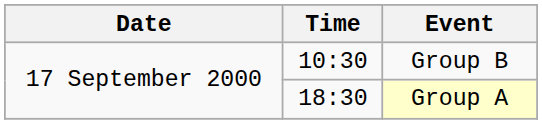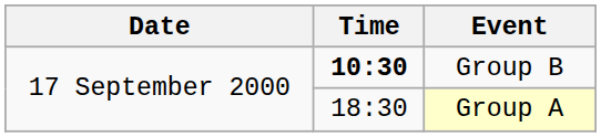 <table class = "wikitable" style="text-align:center;">
 <tr>
 <th width=150>Date</th>
 <th width=50>Time</th>
 <th width=80>Event</th>
 </tr>
 <tr>
 <td rowspan=2>17 September 2000</td>
-<td>10:30</td>
+<td><strong>10:30</strong></td>
 <td>Group B</td>
 </tr>
 <tr>
 <td>18:30</td>
 <td bgcolor=ffffcc>Group A</td>
 </tr>
 </table>
